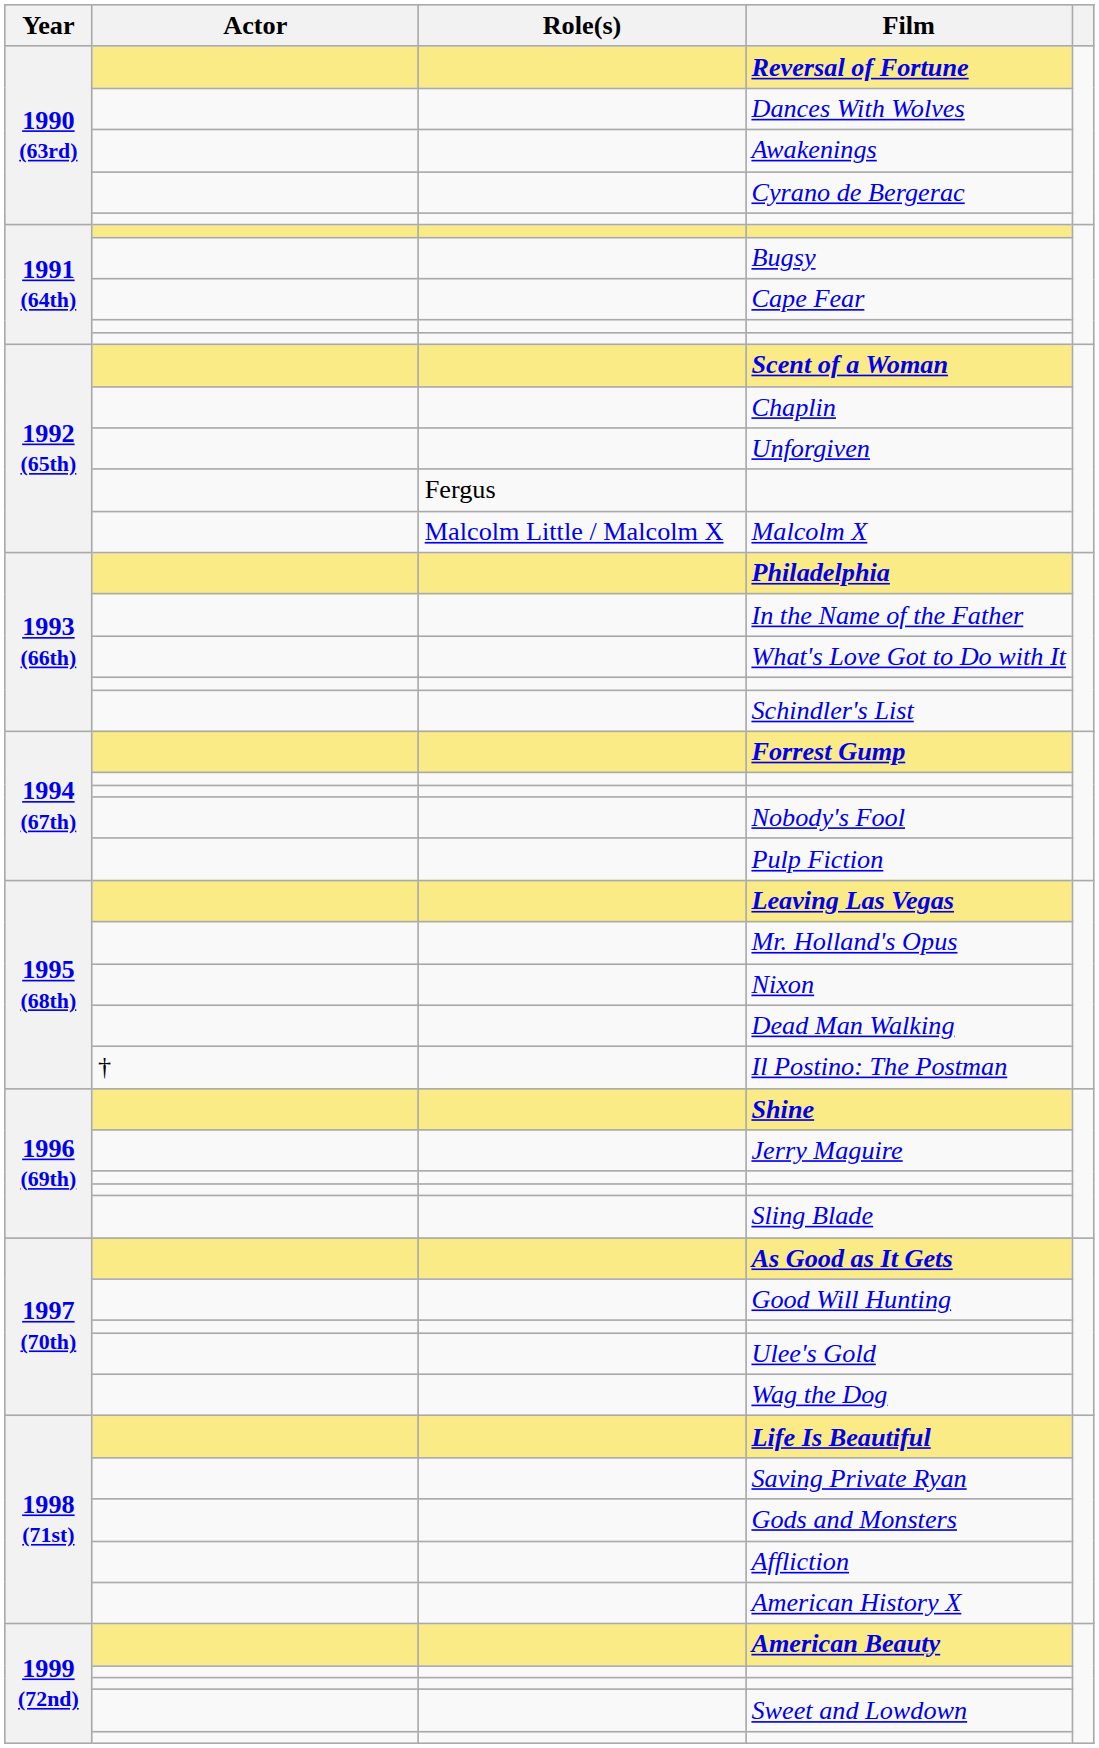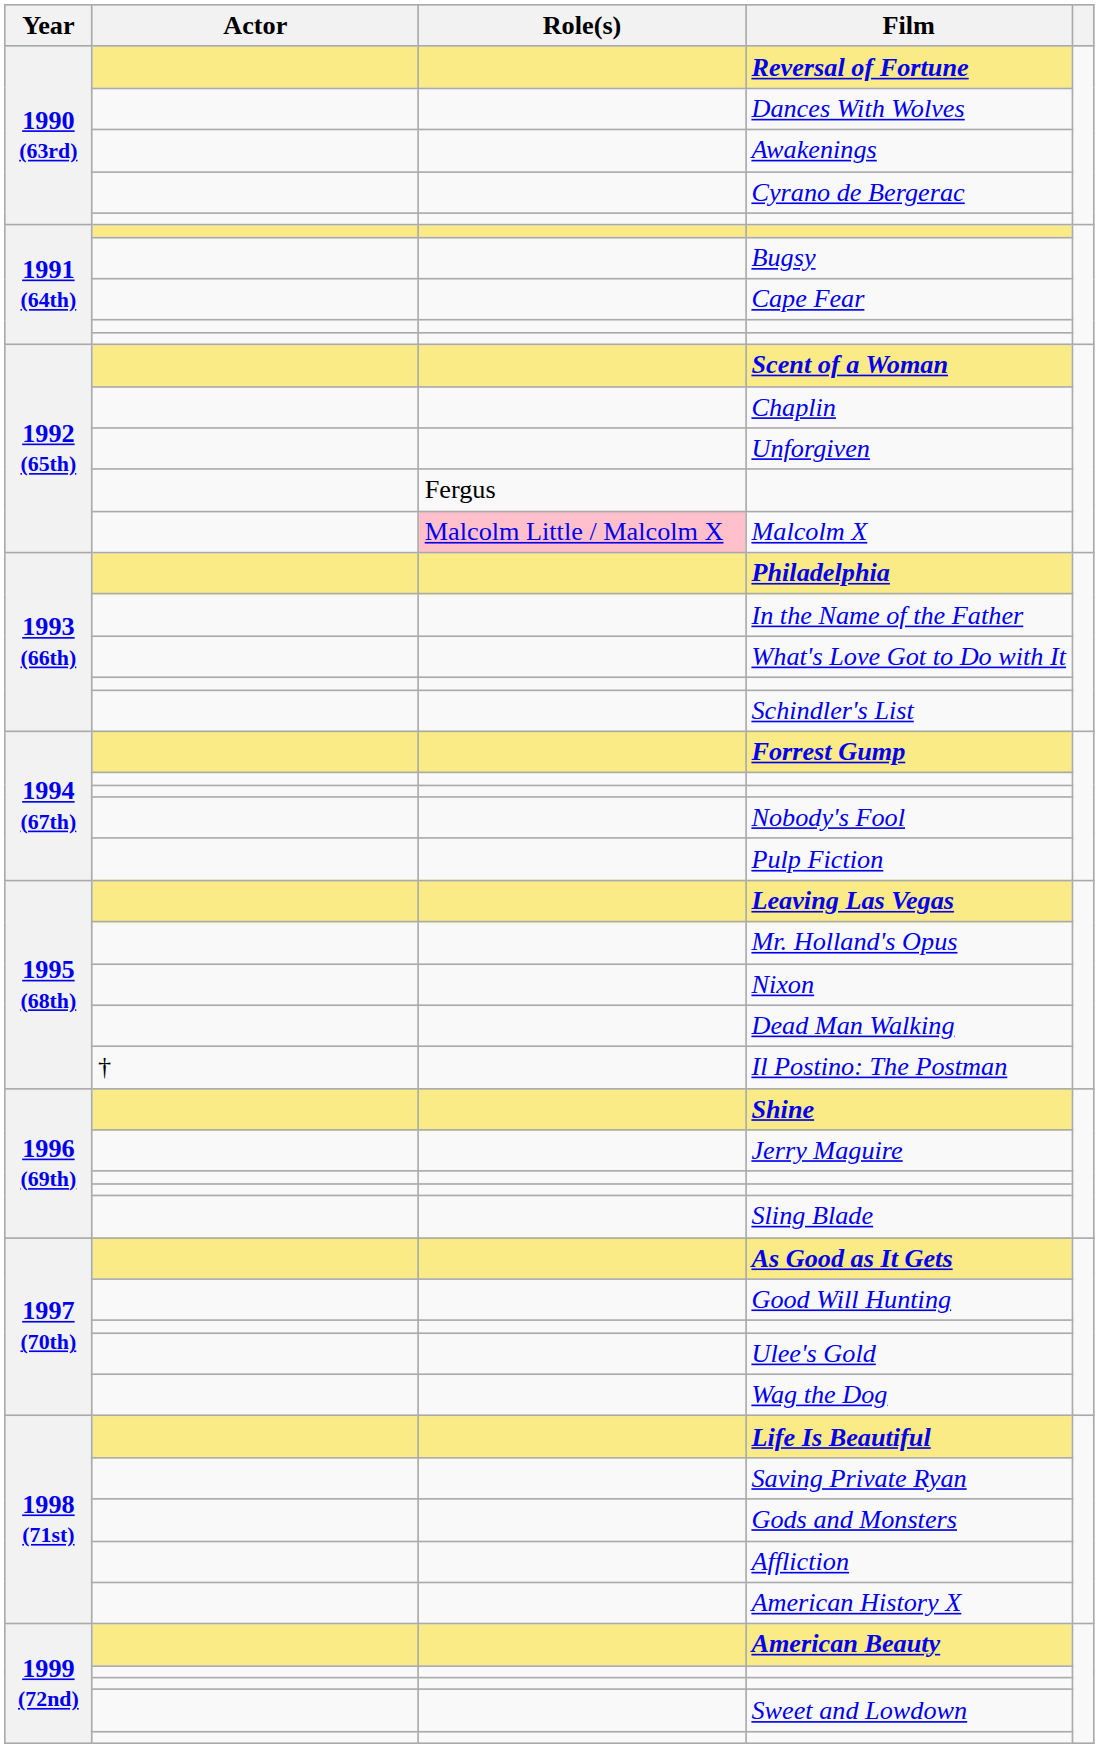 <table class="wikitable sortable">
 <tr>
 <th scope="col" style="width:8%;">Year</th>
 <th scope="col" style="width:30%;">Actor</th>
 <th scope="col" style="width:30%;">Role(s)</th>
 <th scope="col" style="width:30%;">Film</th>
 <th scope="col" style="width:2%;" class="unsortable"></th>
 </tr>
 <tr>
 <th rowspan="5" scope="row" style="text-align:center"><a href='#'>1990</a> <br><small><a href='#'>(63rd)</a> </small></th>
 <td style="background:#FAEB86;"><strong> </strong></td>
 <td style="background:#FAEB86;"><strong></strong></td>
 <td style="background:#FAEB86;"><strong><em><a href='#'>Reversal of Fortune</a></em></strong></td>
 <td rowspan="5"></td>
 </tr>
 <tr>
 <td></td>
 <td></td>
 <td><em><a href='#'>Dances With Wolves</a></em></td>
 </tr>
 <tr>
 <td></td>
 <td></td>
 <td><em><a href='#'>Awakenings</a></em></td>
 </tr>
 <tr>
 <td></td>
 <td></td>
 <td><em><a href='#'>Cyrano de Bergerac</a></em></td>
 </tr>
 <tr>
 <td></td>
 <td></td>
 <td></td>
 </tr>
 <tr>
 <th rowspan="5" scope="row" style="text-align:center"><a href='#'>1991</a> <br><small><a href='#'>(64th)</a> </small></th>
 <td style="background:#FAEB86;"><strong> </strong></td>
 <td style="background:#FAEB86;"><strong></strong></td>
 <td style="background:#FAEB86;"><strong></strong></td>
 <td rowspan="5"></td>
 </tr>
 <tr>
 <td></td>
 <td></td>
 <td><em><a href='#'>Bugsy</a></em></td>
 </tr>
 <tr>
 <td></td>
 <td></td>
 <td><em><a href='#'>Cape Fear</a></em></td>
 </tr>
 <tr>
 <td></td>
 <td></td>
 <td></td>
 </tr>
 <tr>
 <td></td>
 <td></td>
 <td></td>
 </tr>
 <tr>
 <th rowspan="5" scope="row" style="text-align:center"><a href='#'>1992</a> <br><small><a href='#'>(65th)</a> </small></th>
 <td style="background:#FAEB86;"><strong> </strong></td>
 <td style="background:#FAEB86;"><strong></strong></td>
 <td style="background:#FAEB86;"><strong><em><a href='#'>Scent of a Woman</a></em></strong></td>
 <td rowspan="5"></td>
 </tr>
 <tr>
 <td></td>
 <td></td>
 <td><em><a href='#'>Chaplin</a></em></td>
 </tr>
 <tr>
 <td></td>
 <td></td>
 <td><em><a href='#'>Unforgiven</a></em></td>
 </tr>
 <tr>
 <td></td>
 <td>Fergus</td>
 <td></td>
 </tr>
 <tr>
 <td></td>
-<td><a href='#'>Malcolm Little / Malcolm X</a></td>
+<td style="background: pink;"><a href='#'>Malcolm Little / Malcolm X</a></td>
 <td><em><a href='#'>Malcolm X</a></em></td>
 </tr>
 <tr>
 <th rowspan="5" scope="row" style="text-align:center"><a href='#'>1993</a> <br><small><a href='#'>(66th)</a> </small></th>
 <td style="background:#FAEB86;"><strong> </strong></td>
 <td style="background:#FAEB86;"><strong></strong></td>
 <td style="background:#FAEB86;"><strong><em><a href='#'>Philadelphia</a></em></strong></td>
 <td rowspan="5"></td>
 </tr>
 <tr>
 <td></td>
 <td></td>
 <td><em><a href='#'>In the Name of the Father</a></em></td>
 </tr>
 <tr>
 <td></td>
 <td></td>
 <td><em><a href='#'>What's Love Got to Do with It</a></em></td>
 </tr>
 <tr>
 <td></td>
 <td></td>
 <td></td>
 </tr>
 <tr>
 <td></td>
 <td></td>
 <td><em><a href='#'>Schindler's List</a></em></td>
 </tr>
 <tr>
 <th rowspan="5" scope="row" style="text-align:center"><a href='#'>1994</a> <br><small><a href='#'>(67th)</a> </small></th>
 <td style="background:#FAEB86;"><strong> </strong></td>
 <td style="background:#FAEB86;"><strong></strong></td>
 <td style="background:#FAEB86;"><strong><em><a href='#'>Forrest Gump</a></em></strong></td>
 <td rowspan="5"></td>
 </tr>
 <tr>
 <td></td>
 <td></td>
 <td></td>
 </tr>
 <tr>
 <td></td>
 <td></td>
 <td></td>
 </tr>
 <tr>
 <td></td>
 <td></td>
 <td><em><a href='#'>Nobody's Fool</a></em></td>
 </tr>
 <tr>
 <td></td>
 <td></td>
 <td><em><a href='#'>Pulp Fiction</a></em></td>
 </tr>
 <tr>
 <th rowspan="5" scope="row" style="text-align:center"><a href='#'>1995</a> <br><small><a href='#'>(68th)</a> </small></th>
 <td style="background:#FAEB86;"><strong> </strong></td>
 <td style="background:#FAEB86;"><strong></strong></td>
 <td style="background:#FAEB86;"><strong><em><a href='#'>Leaving Las Vegas</a></em></strong></td>
 <td rowspan="5"></td>
 </tr>
 <tr>
 <td></td>
 <td></td>
 <td><em><a href='#'>Mr. Holland's Opus</a></em></td>
 </tr>
 <tr>
 <td></td>
 <td></td>
 <td><em><a href='#'>Nixon</a></em></td>
 </tr>
 <tr>
 <td></td>
 <td></td>
 <td><em><a href='#'>Dead Man Walking</a></em></td>
 </tr>
 <tr>
 <td> †</td>
 <td></td>
 <td><em><a href='#'>Il Postino: The Postman</a></em></td>
 </tr>
 <tr>
 <th rowspan="5" scope="row" style="text-align:center"><a href='#'>1996</a> <br><small><a href='#'>(69th)</a> </small></th>
 <td style="background:#FAEB86;"><strong> </strong></td>
 <td style="background:#FAEB86;"><strong></strong></td>
 <td style="background:#FAEB86;"><strong><em><a href='#'>Shine</a></em></strong></td>
 <td rowspan="5"></td>
 </tr>
 <tr>
 <td></td>
 <td></td>
 <td><em><a href='#'>Jerry Maguire</a></em></td>
 </tr>
 <tr>
 <td></td>
 <td></td>
 <td></td>
 </tr>
 <tr>
 <td></td>
 <td></td>
 <td></td>
 </tr>
 <tr>
 <td></td>
 <td></td>
 <td><em><a href='#'>Sling Blade</a></em></td>
 </tr>
 <tr>
 <th rowspan="5" scope="row" style="text-align:center"><a href='#'>1997</a> <br><small><a href='#'>(70th)</a> </small></th>
 <td style="background:#FAEB86;"><strong> </strong></td>
 <td style="background:#FAEB86;"><strong></strong></td>
 <td style="background:#FAEB86;"><strong><em><a href='#'>As Good as It Gets</a></em></strong></td>
 <td rowspan="5"></td>
 </tr>
 <tr>
 <td></td>
 <td></td>
 <td><em><a href='#'>Good Will Hunting</a></em></td>
 </tr>
 <tr>
 <td></td>
 <td></td>
 <td></td>
 </tr>
 <tr>
 <td></td>
 <td></td>
 <td><em><a href='#'>Ulee's Gold</a></em></td>
 </tr>
 <tr>
 <td></td>
 <td></td>
 <td><em><a href='#'>Wag the Dog</a></em></td>
 </tr>
 <tr>
 <th rowspan="5" scope="row" style="text-align:center"><a href='#'>1998</a> <br><small><a href='#'>(71st)</a> </small></th>
 <td style="background:#FAEB86;"><strong> </strong></td>
 <td style="background:#FAEB86;"><strong></strong></td>
 <td style="background:#FAEB86;"><strong><em><a href='#'>Life Is Beautiful</a></em></strong></td>
 <td rowspan="5"></td>
 </tr>
 <tr>
 <td></td>
 <td></td>
 <td><em><a href='#'>Saving Private Ryan</a></em></td>
 </tr>
 <tr>
 <td></td>
 <td></td>
 <td><em><a href='#'>Gods and Monsters</a></em></td>
 </tr>
 <tr>
 <td></td>
 <td></td>
 <td><em><a href='#'>Affliction</a></em></td>
 </tr>
 <tr>
 <td></td>
 <td></td>
 <td><em><a href='#'>American History X</a></em></td>
 </tr>
 <tr>
 <th rowspan="5" scope="row" style="text-align:center"><a href='#'>1999</a> <br><small><a href='#'>(72nd)</a> </small></th>
 <td style="background:#FAEB86;"><strong> </strong></td>
 <td style="background:#FAEB86;"><strong></strong></td>
 <td style="background:#FAEB86;"><strong><em><a href='#'>American Beauty</a></em></strong></td>
 <td rowspan="5"></td>
 </tr>
 <tr>
 <td></td>
 <td></td>
 <td></td>
 </tr>
 <tr>
 <td></td>
 <td></td>
 <td></td>
 </tr>
 <tr>
 <td></td>
 <td></td>
 <td><em><a href='#'>Sweet and Lowdown</a></em></td>
 </tr>
 <tr>
 <td></td>
 <td></td>
 <td></td>
 </tr>
 </table>
